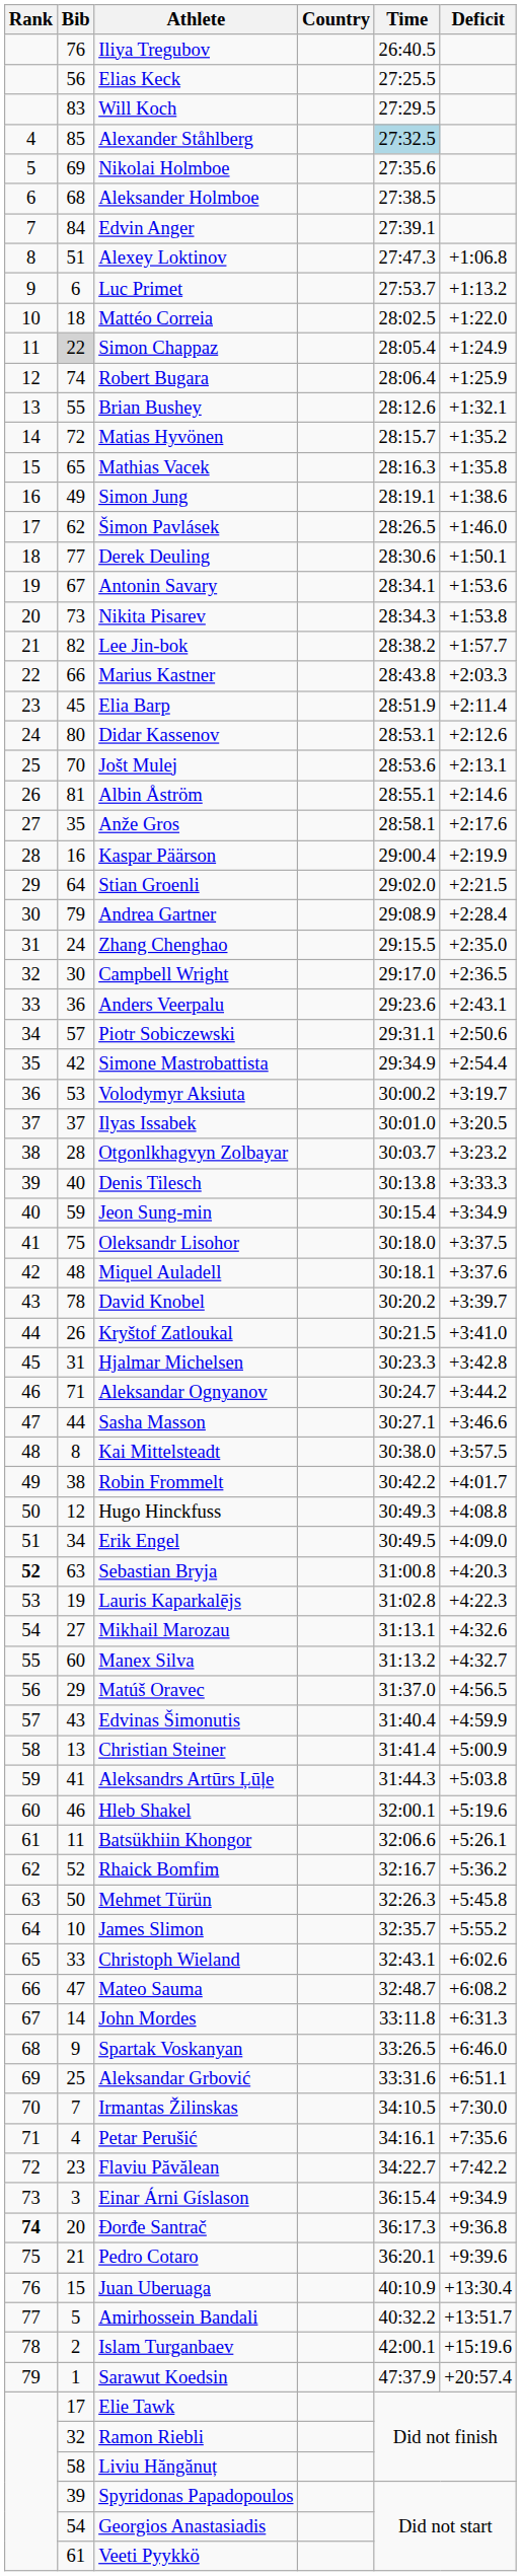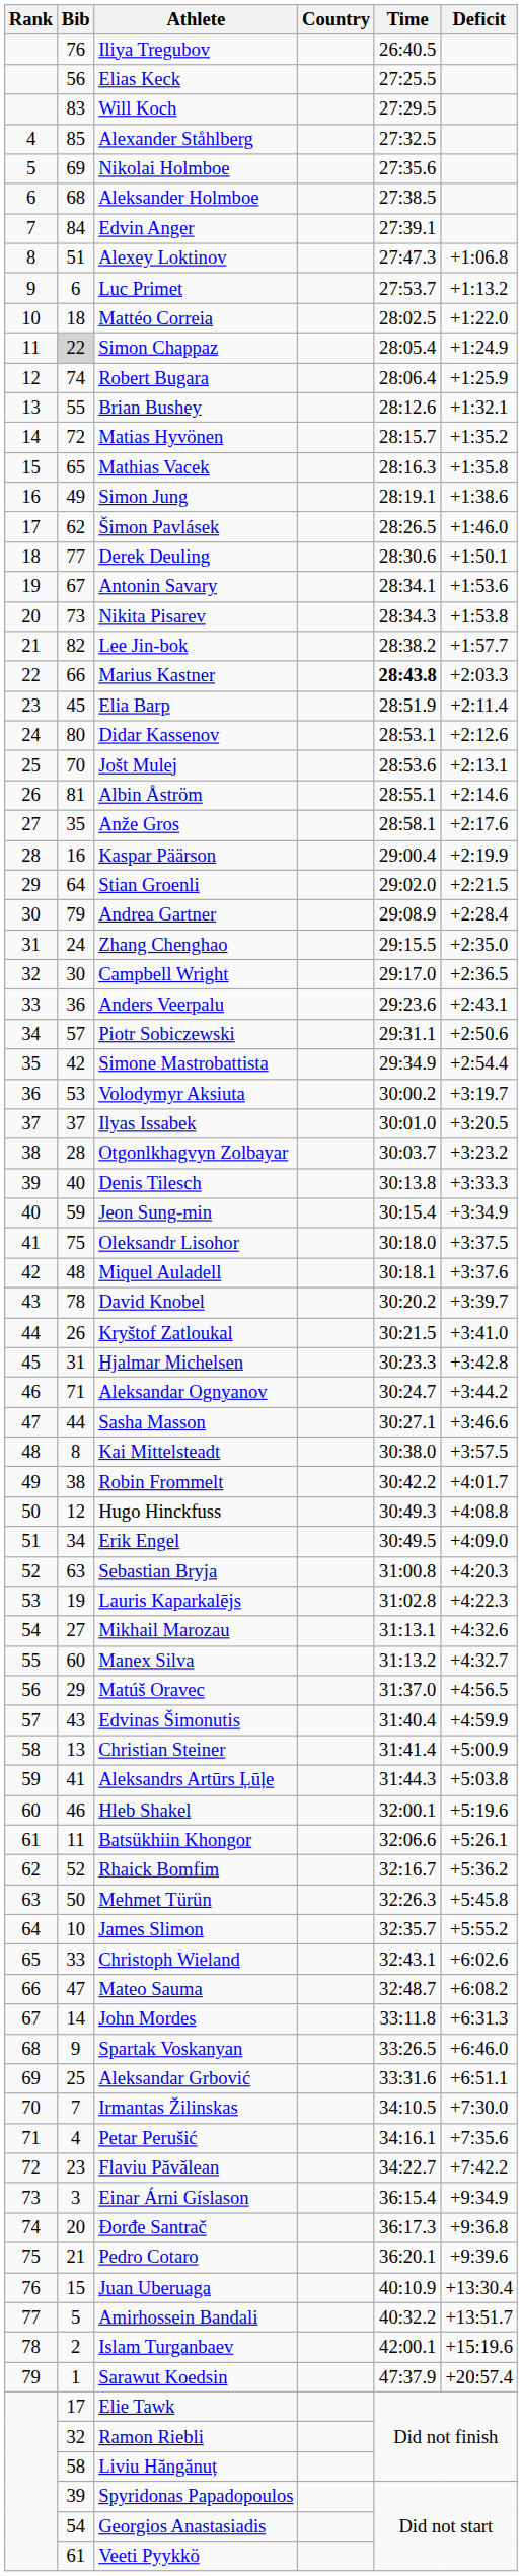 <table class="wikitable sortable" style="text-align:center">
 <tr>
 <th>Rank</th>
 <th>Bib</th>
 <th>Athlete</th>
 <th>Country</th>
 <th>Time</th>
 <th>Deficit</th>
 </tr>
 <tr>
 <td></td>
 <td>76</td>
 <td align=left><a href='#'>Iliya Tregubov</a></td>
 <td align=left></td>
 <td>26:40.5</td>
 <td></td>
 </tr>
 <tr>
 <td></td>
 <td>56</td>
 <td align=left><a href='#'>Elias Keck</a></td>
 <td align=left></td>
 <td>27:25.5</td>
 <td></td>
 </tr>
 <tr>
 <td></td>
 <td>83</td>
 <td align=left><a href='#'>Will Koch</a></td>
 <td align=left></td>
 <td>27:29.5</td>
 <td></td>
 </tr>
 <tr>
 <td>4</td>
 <td>85</td>
 <td align=left><a href='#'>Alexander Ståhlberg</a></td>
 <td align=left></td>
-<td style="background: lightblue;">27:32.5</td>
+<td>27:32.5</td>
 <td></td>
 </tr>
 <tr>
 <td>5</td>
 <td>69</td>
 <td align=left><a href='#'>Nikolai Holmboe</a></td>
 <td align=left></td>
 <td>27:35.6</td>
 <td></td>
 </tr>
 <tr>
 <td>6</td>
 <td>68</td>
 <td align=left><a href='#'>Aleksander Holmboe</a></td>
 <td align=left></td>
 <td>27:38.5</td>
 <td></td>
 </tr>
 <tr>
 <td>7</td>
 <td>84</td>
 <td align=left><a href='#'>Edvin Anger</a></td>
 <td align=left></td>
 <td>27:39.1</td>
 <td></td>
 </tr>
 <tr>
 <td>8</td>
 <td>51</td>
 <td align=left><a href='#'>Alexey Loktinov</a></td>
 <td align=left></td>
 <td>27:47.3</td>
 <td>+1:06.8</td>
 </tr>
 <tr>
 <td>9</td>
 <td>6</td>
 <td align=left><a href='#'>Luc Primet</a></td>
 <td align=left></td>
 <td>27:53.7</td>
 <td>+1:13.2</td>
 </tr>
 <tr>
 <td>10</td>
 <td>18</td>
 <td align=left><a href='#'>Mattéo Correia</a></td>
 <td align=left></td>
 <td>28:02.5</td>
 <td>+1:22.0</td>
 </tr>
 <tr>
 <td>11</td>
 <td style="background: lightgrey;">22</td>
 <td align=left><a href='#'>Simon Chappaz</a></td>
 <td align=left></td>
 <td>28:05.4</td>
 <td>+1:24.9</td>
 </tr>
 <tr>
 <td>12</td>
 <td>74</td>
 <td align=left><a href='#'>Robert Bugara</a></td>
 <td align=left></td>
 <td>28:06.4</td>
 <td>+1:25.9</td>
 </tr>
 <tr>
 <td>13</td>
 <td>55</td>
 <td align=left><a href='#'>Brian Bushey</a></td>
 <td align=left></td>
 <td>28:12.6</td>
 <td>+1:32.1</td>
 </tr>
 <tr>
 <td>14</td>
 <td>72</td>
 <td align=left><a href='#'>Matias Hyvönen</a></td>
 <td align=left></td>
 <td>28:15.7</td>
 <td>+1:35.2</td>
 </tr>
 <tr>
 <td>15</td>
 <td>65</td>
 <td align=left><a href='#'>Mathias Vacek</a></td>
 <td align=left></td>
 <td>28:16.3</td>
 <td>+1:35.8</td>
 </tr>
 <tr>
 <td>16</td>
 <td>49</td>
 <td align=left><a href='#'>Simon Jung</a></td>
 <td align=left></td>
 <td>28:19.1</td>
 <td>+1:38.6</td>
 </tr>
 <tr>
 <td>17</td>
 <td>62</td>
 <td align=left><a href='#'>Šimon Pavlásek</a></td>
 <td align=left></td>
 <td>28:26.5</td>
 <td>+1:46.0</td>
 </tr>
 <tr>
 <td>18</td>
 <td>77</td>
 <td align=left><a href='#'>Derek Deuling</a></td>
 <td align=left></td>
 <td>28:30.6</td>
 <td>+1:50.1</td>
 </tr>
 <tr>
 <td>19</td>
 <td>67</td>
 <td align=left><a href='#'>Antonin Savary</a></td>
 <td align=left></td>
 <td>28:34.1</td>
 <td>+1:53.6</td>
 </tr>
 <tr>
 <td>20</td>
 <td>73</td>
 <td align=left><a href='#'>Nikita Pisarev</a></td>
 <td align=left></td>
 <td>28:34.3</td>
 <td>+1:53.8</td>
 </tr>
 <tr>
 <td>21</td>
 <td>82</td>
 <td align=left><a href='#'>Lee Jin-bok</a></td>
 <td align=left></td>
 <td>28:38.2</td>
 <td>+1:57.7</td>
 </tr>
 <tr>
 <td>22</td>
 <td>66</td>
 <td align=left><a href='#'>Marius Kastner</a></td>
 <td align=left></td>
-<td>28:43.8</td>
+<td><strong>28:43.8</strong></td>
 <td>+2:03.3</td>
 </tr>
 <tr>
 <td>23</td>
 <td>45</td>
 <td align=left><a href='#'>Elia Barp</a></td>
 <td align=left></td>
 <td>28:51.9</td>
 <td>+2:11.4</td>
 </tr>
 <tr>
 <td>24</td>
 <td>80</td>
 <td align=left><a href='#'>Didar Kassenov</a></td>
 <td align=left></td>
 <td>28:53.1</td>
 <td>+2:12.6</td>
 </tr>
 <tr>
 <td>25</td>
 <td>70</td>
 <td align=left><a href='#'>Jošt Mulej</a></td>
 <td align=left></td>
 <td>28:53.6</td>
 <td>+2:13.1</td>
 </tr>
 <tr>
 <td>26</td>
 <td>81</td>
 <td align=left><a href='#'>Albin Åström</a></td>
 <td align=left></td>
 <td>28:55.1</td>
 <td>+2:14.6</td>
 </tr>
 <tr>
 <td>27</td>
 <td>35</td>
 <td align=left><a href='#'>Anže Gros</a></td>
 <td align=left></td>
 <td>28:58.1</td>
 <td>+2:17.6</td>
 </tr>
 <tr>
 <td>28</td>
 <td>16</td>
 <td align=left><a href='#'>Kaspar Päärson</a></td>
 <td align=left></td>
 <td>29:00.4</td>
 <td>+2:19.9</td>
 </tr>
 <tr>
 <td>29</td>
 <td>64</td>
 <td align=left><a href='#'>Stian Groenli</a></td>
 <td align=left></td>
 <td>29:02.0</td>
 <td>+2:21.5</td>
 </tr>
 <tr>
 <td>30</td>
 <td>79</td>
 <td align=left><a href='#'>Andrea Gartner</a></td>
 <td align=left></td>
 <td>29:08.9</td>
 <td>+2:28.4</td>
 </tr>
 <tr>
 <td>31</td>
 <td>24</td>
 <td align=left><a href='#'>Zhang Chenghao</a></td>
 <td align=left></td>
 <td>29:15.5</td>
 <td>+2:35.0</td>
 </tr>
 <tr>
 <td>32</td>
 <td>30</td>
 <td align=left><a href='#'>Campbell Wright</a></td>
 <td align=left></td>
 <td>29:17.0</td>
 <td>+2:36.5</td>
 </tr>
 <tr>
 <td>33</td>
 <td>36</td>
 <td align=left><a href='#'>Anders Veerpalu</a></td>
 <td align=left></td>
 <td>29:23.6</td>
 <td>+2:43.1</td>
 </tr>
 <tr>
 <td>34</td>
 <td>57</td>
 <td align=left><a href='#'>Piotr Sobiczewski</a></td>
 <td align=left></td>
 <td>29:31.1</td>
 <td>+2:50.6</td>
 </tr>
 <tr>
 <td>35</td>
 <td>42</td>
 <td align=left><a href='#'>Simone Mastrobattista</a></td>
 <td align=left></td>
 <td>29:34.9</td>
 <td>+2:54.4</td>
 </tr>
 <tr>
 <td>36</td>
 <td>53</td>
 <td align=left><a href='#'>Volodymyr Aksiuta</a></td>
 <td align=left></td>
 <td>30:00.2</td>
 <td>+3:19.7</td>
 </tr>
 <tr>
 <td>37</td>
 <td>37</td>
 <td align=left><a href='#'>Ilyas Issabek</a></td>
 <td align=left></td>
 <td>30:01.0</td>
 <td>+3:20.5</td>
 </tr>
 <tr>
 <td>38</td>
 <td>28</td>
 <td align=left><a href='#'>Otgonlkhagvyn Zolbayar</a></td>
 <td align=left></td>
 <td>30:03.7</td>
 <td>+3:23.2</td>
 </tr>
 <tr>
 <td>39</td>
 <td>40</td>
 <td align=left><a href='#'>Denis Tilesch</a></td>
 <td align=left></td>
 <td>30:13.8</td>
 <td>+3:33.3</td>
 </tr>
 <tr>
 <td>40</td>
 <td>59</td>
 <td align=left><a href='#'>Jeon Sung-min</a></td>
 <td align=left></td>
 <td>30:15.4</td>
 <td>+3:34.9</td>
 </tr>
 <tr>
 <td>41</td>
 <td>75</td>
 <td align=left><a href='#'>Oleksandr Lisohor</a></td>
 <td align=left></td>
 <td>30:18.0</td>
 <td>+3:37.5</td>
 </tr>
 <tr>
 <td>42</td>
 <td>48</td>
 <td align=left><a href='#'>Miquel Auladell</a></td>
 <td align=left></td>
 <td>30:18.1</td>
 <td>+3:37.6</td>
 </tr>
 <tr>
 <td>43</td>
 <td>78</td>
 <td align=left><a href='#'>David Knobel</a></td>
 <td align=left></td>
 <td>30:20.2</td>
 <td>+3:39.7</td>
 </tr>
 <tr>
 <td>44</td>
 <td>26</td>
 <td align=left><a href='#'>Kryštof Zatloukal</a></td>
 <td align=left></td>
 <td>30:21.5</td>
 <td>+3:41.0</td>
 </tr>
 <tr>
 <td>45</td>
 <td>31</td>
 <td align=left><a href='#'>Hjalmar Michelsen</a></td>
 <td align=left></td>
 <td>30:23.3</td>
 <td>+3:42.8</td>
 </tr>
 <tr>
 <td>46</td>
 <td>71</td>
 <td align=left><a href='#'>Aleksandar Ognyanov</a></td>
 <td align=left></td>
 <td>30:24.7</td>
 <td>+3:44.2</td>
 </tr>
 <tr>
 <td>47</td>
 <td>44</td>
 <td align=left><a href='#'>Sasha Masson</a></td>
 <td align=left></td>
 <td>30:27.1</td>
 <td>+3:46.6</td>
 </tr>
 <tr>
 <td>48</td>
 <td>8</td>
 <td align=left><a href='#'>Kai Mittelsteadt</a></td>
 <td align=left></td>
 <td>30:38.0</td>
 <td>+3:57.5</td>
 </tr>
 <tr>
 <td>49</td>
 <td>38</td>
 <td align=left><a href='#'>Robin Frommelt</a></td>
 <td align=left></td>
 <td>30:42.2</td>
 <td>+4:01.7</td>
 </tr>
 <tr>
 <td>50</td>
 <td>12</td>
 <td align=left>Hugo Hinckfuss</td>
 <td align=left></td>
 <td>30:49.3</td>
 <td>+4:08.8</td>
 </tr>
 <tr>
 <td>51</td>
 <td>34</td>
 <td align=left><a href='#'>Erik Engel</a></td>
 <td align=left></td>
 <td>30:49.5</td>
 <td>+4:09.0</td>
 </tr>
 <tr>
-<td><strong>52</strong></td>
+<td>52</td>
 <td>63</td>
 <td align=left><a href='#'>Sebastian Bryja</a></td>
 <td align=left></td>
 <td>31:00.8</td>
 <td>+4:20.3</td>
 </tr>
 <tr>
 <td>53</td>
 <td>19</td>
 <td align=left><a href='#'>Lauris Kaparkalējs</a></td>
 <td align=left></td>
 <td>31:02.8</td>
 <td>+4:22.3</td>
 </tr>
 <tr>
 <td>54</td>
 <td>27</td>
 <td align=left><a href='#'>Mikhail Marozau</a></td>
 <td align=left></td>
 <td>31:13.1</td>
 <td>+4:32.6</td>
 </tr>
 <tr>
 <td>55</td>
 <td>60</td>
 <td align=left><a href='#'>Manex Silva</a></td>
 <td align=left></td>
 <td>31:13.2</td>
 <td>+4:32.7</td>
 </tr>
 <tr>
 <td>56</td>
 <td>29</td>
 <td align=left><a href='#'>Matúš Oravec</a></td>
 <td align=left></td>
 <td>31:37.0</td>
 <td>+4:56.5</td>
 </tr>
 <tr>
 <td>57</td>
 <td>43</td>
 <td align=left><a href='#'>Edvinas Šimonutis</a></td>
 <td align=left></td>
 <td>31:40.4</td>
 <td>+4:59.9</td>
 </tr>
 <tr>
 <td>58</td>
 <td>13</td>
 <td align=left><a href='#'>Christian Steiner</a></td>
 <td align=left></td>
 <td>31:41.4</td>
 <td>+5:00.9</td>
 </tr>
 <tr>
 <td>59</td>
 <td>41</td>
 <td align=left><a href='#'>Aleksandrs Artūrs Ļūļe</a></td>
 <td align=left></td>
 <td>31:44.3</td>
 <td>+5:03.8</td>
 </tr>
 <tr>
 <td>60</td>
 <td>46</td>
 <td align=left><a href='#'>Hleb Shakel</a></td>
 <td align=left></td>
 <td>32:00.1</td>
 <td>+5:19.6</td>
 </tr>
 <tr>
 <td>61</td>
 <td>11</td>
 <td align=left><a href='#'>Batsükhiin Khongor</a></td>
 <td align=left></td>
 <td>32:06.6</td>
 <td>+5:26.1</td>
 </tr>
 <tr>
 <td>62</td>
 <td>52</td>
 <td align=left><a href='#'>Rhaick Bomfim</a></td>
 <td align=left></td>
 <td>32:16.7</td>
 <td>+5:36.2</td>
 </tr>
 <tr>
 <td>63</td>
 <td>50</td>
 <td align=left><a href='#'>Mehmet Türün</a></td>
 <td align=left></td>
 <td>32:26.3</td>
 <td>+5:45.8</td>
 </tr>
 <tr>
 <td>64</td>
 <td>10</td>
 <td align=left><a href='#'>James Slimon</a></td>
 <td align=left></td>
 <td>32:35.7</td>
 <td>+5:55.2</td>
 </tr>
 <tr>
 <td>65</td>
 <td>33</td>
 <td align=left><a href='#'>Christoph Wieland</a></td>
 <td align=left></td>
 <td>32:43.1</td>
 <td>+6:02.6</td>
 </tr>
 <tr>
 <td>66</td>
 <td>47</td>
 <td align=left><a href='#'>Mateo Sauma</a></td>
 <td align=left></td>
 <td>32:48.7</td>
 <td>+6:08.2</td>
 </tr>
 <tr>
 <td>67</td>
 <td>14</td>
 <td align=left><a href='#'>John Mordes</a></td>
 <td align=left></td>
 <td>33:11.8</td>
 <td>+6:31.3</td>
 </tr>
 <tr>
 <td>68</td>
 <td>9</td>
 <td align=left><a href='#'>Spartak Voskanyan</a></td>
 <td align=left></td>
 <td>33:26.5</td>
 <td>+6:46.0</td>
 </tr>
 <tr>
 <td>69</td>
 <td>25</td>
 <td align=left><a href='#'>Aleksandar Grbović</a></td>
 <td align=left></td>
 <td>33:31.6</td>
 <td>+6:51.1</td>
 </tr>
 <tr>
 <td>70</td>
 <td>7</td>
 <td align=left><a href='#'>Irmantas Žilinskas</a></td>
 <td align=left></td>
 <td>34:10.5</td>
 <td>+7:30.0</td>
 </tr>
 <tr>
 <td>71</td>
 <td>4</td>
 <td align=left><a href='#'>Petar Perušić</a></td>
 <td align=left></td>
 <td>34:16.1</td>
 <td>+7:35.6</td>
 </tr>
 <tr>
 <td>72</td>
 <td>23</td>
 <td align=left><a href='#'>Flaviu Păvălean</a></td>
 <td align=left></td>
 <td>34:22.7</td>
 <td>+7:42.2</td>
 </tr>
 <tr>
 <td>73</td>
 <td>3</td>
 <td align=left><a href='#'>Einar Árni Gíslason</a></td>
 <td align=left></td>
 <td>36:15.4</td>
 <td>+9:34.9</td>
 </tr>
 <tr>
-<td><strong>74</strong></td>
+<td>74</td>
 <td>20</td>
 <td align=left><a href='#'>Đorđe Santrač</a></td>
 <td align=left></td>
 <td>36:17.3</td>
 <td>+9:36.8</td>
 </tr>
 <tr>
 <td>75</td>
 <td>21</td>
 <td align=left><a href='#'>Pedro Cotaro</a></td>
 <td align=left></td>
 <td>36:20.1</td>
 <td>+9:39.6</td>
 </tr>
 <tr>
 <td>76</td>
 <td>15</td>
 <td align=left><a href='#'>Juan Uberuaga</a></td>
 <td align=left></td>
 <td>40:10.9</td>
 <td>+13:30.4</td>
 </tr>
 <tr>
 <td>77</td>
 <td>5</td>
 <td align=left><a href='#'>Amirhossein Bandali</a></td>
 <td align=left></td>
 <td>40:32.2</td>
 <td>+13:51.7</td>
 </tr>
 <tr>
 <td>78</td>
 <td>2</td>
 <td align=left><a href='#'>Islam Turganbaev</a></td>
 <td align=left></td>
 <td>42:00.1</td>
 <td>+15:19.6</td>
 </tr>
 <tr>
 <td>79</td>
 <td>1</td>
 <td align=left><a href='#'>Sarawut Koedsin</a></td>
 <td align=left></td>
 <td>47:37.9</td>
 <td>+20:57.4</td>
 </tr>
 <tr>
 <td rowspan=6></td>
 <td>17</td>
 <td align=left><a href='#'>Elie Tawk</a></td>
 <td align=left></td>
 <td colspan=2 rowspan=3>Did not finish</td>
 </tr>
 <tr>
 <td>32</td>
 <td align=left><a href='#'>Ramon Riebli</a></td>
 <td align=left></td>
 </tr>
 <tr>
 <td>58</td>
 <td align=left><a href='#'>Liviu Hăngănuț</a></td>
 <td align=left></td>
 </tr>
 <tr>
 <td>39</td>
 <td align=left><a href='#'>Spyridonas Papadopoulos</a></td>
 <td align=left></td>
 <td colspan=2 rowspan=3>Did not start</td>
 </tr>
 <tr>
 <td>54</td>
 <td align=left><a href='#'>Georgios Anastasiadis</a></td>
 <td align=left></td>
 </tr>
 <tr>
 <td>61</td>
 <td align=left><a href='#'>Veeti Pyykkö</a></td>
 <td align=left></td>
 </tr>
 </table>
